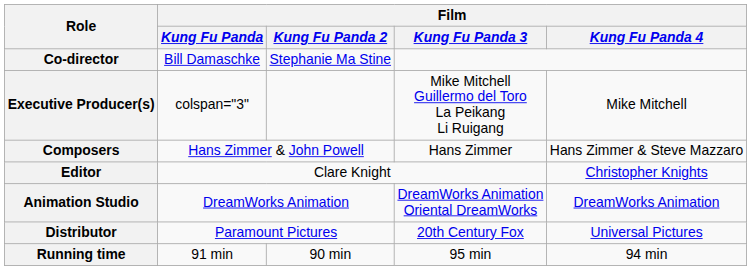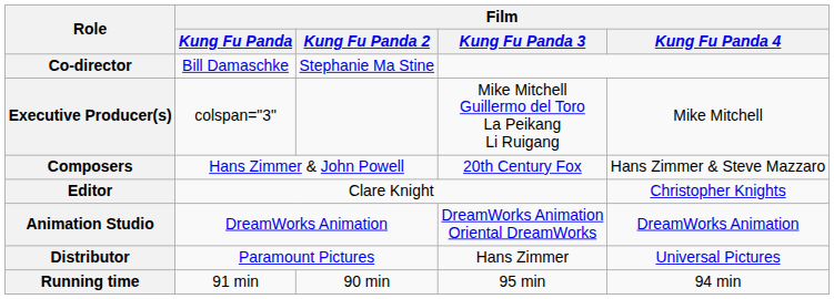 <table class="wikitable plainrowheaders" style="text-align:center;">
 <tr>
 <th rowspan="2">Role</th>
 <th colspan="4">Film</th>
 </tr>
 <tr>
 <th><em><a href='#'>Kung Fu Panda</a></em></th>
 <th><em><a href='#'>Kung Fu Panda 2</a></em></th>
 <th><em><a href='#'>Kung Fu Panda 3</a></em></th>
 <th><em><a href='#'>Kung Fu Panda 4</a></em></th>
 </tr>
 <tr>
 <th>Co-director</th>
 <td><a href='#'>Bill Damaschke</a></td>
 <td><a href='#'>Stephanie Ma Stine</a></td>
 </tr>
 <tr>
 <th>Executive Producer(s)</th>
 <td>colspan="3" </td>
 <td></td>
 <td>Mike Mitchell<br><a href='#'>Guillermo del Toro</a><br>La Peikang<br>Li Ruigang</td>
 <td>Mike Mitchell</td>
 </tr>
 <tr>
 <th>Composers</th>
 <td colspan="2"><a href='#'>Hans Zimmer</a> & <a href='#'>John Powell</a></td>
-<td>Hans Zimmer</td>
+<td><a href='#'>20th Century Fox</a></td>
 <td>Hans Zimmer & Steve Mazzaro</td>
 </tr>
 <tr>
 <th>Editor</th>
 <td colspan="3">Clare Knight</td>
 <td><a href='#'>Christopher Knights</a></td>
 </tr>
 <tr>
 <th>Animation Studio</th>
 <td colspan="2"><a href='#'>DreamWorks Animation</a></td>
 <td><a href='#'>DreamWorks Animation</a><br><a href='#'>Oriental DreamWorks</a></td>
 <td><a href='#'>DreamWorks Animation</a></td>
 </tr>
 <tr>
 <th>Distributor</th>
 <td colspan="2"><a href='#'>Paramount Pictures</a></td>
-<td><a href='#'>20th Century Fox</a></td>
+<td>Hans Zimmer</td>
 <td><a href='#'>Universal Pictures</a></td>
 </tr>
 <tr>
 <th>Running time</th>
 <td>91 min</td>
 <td>90 min</td>
 <td>95 min</td>
 <td>94 min</td>
 </tr>
 </table>
